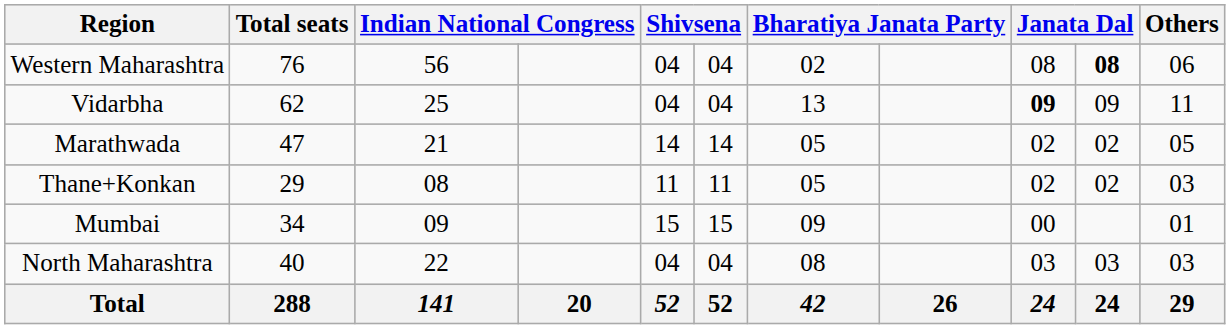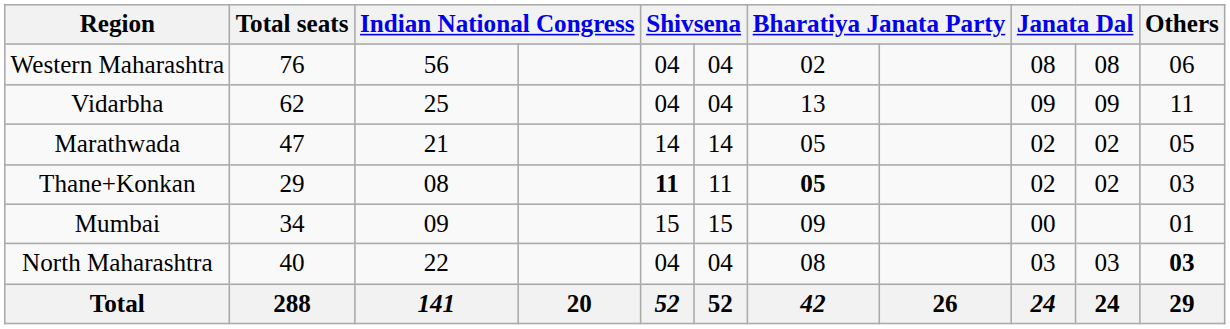 <table class="wikitable sortable" style="text-align:center;">
 <tr>
 <th>Region</th>
 <th>Total seats</th>
 <th colspan="2"><a href='#'>Indian National Congress</a></th>
 <th colspan="2"><a href='#'>Shivsena</a></th>
 <th colspan="2"><a href='#'>Bharatiya Janata Party</a></th>
 <th colspan="2"><a href='#'>Janata Dal</a></th>
 <th>Others</th>
 </tr>
 <tr>
 <td>Western Maharashtra</td>
 <td>76</td>
 <td>56</td>
 <td></td>
 <td>04</td>
 <td> 04</td>
 <td>02</td>
 <td></td>
 <td>08</td>
-<td><strong> 08</strong></td>
+<td> 08</td>
 <td>06</td>
 </tr>
 <tr>
 <td>Vidarbha</td>
 <td>62</td>
 <td>25</td>
 <td></td>
 <td>04</td>
 <td> 04</td>
 <td>13</td>
 <td></td>
-<td><strong>09</strong></td>
+<td>09</td>
 <td> 09</td>
 <td>11</td>
 </tr>
 <tr>
 <td>Marathwada</td>
 <td>47</td>
 <td>21</td>
 <td></td>
 <td>14</td>
 <td> 14</td>
 <td>05</td>
 <td></td>
 <td>02</td>
 <td> 02</td>
 <td>05</td>
 </tr>
 <tr>
 <td>Thane+Konkan</td>
 <td>29</td>
 <td>08</td>
 <td></td>
-<td>11</td>
+<td><strong>11</strong></td>
 <td> 11</td>
-<td>05</td>
+<td><strong>05</strong></td>
 <td></td>
 <td>02</td>
 <td> 02</td>
 <td>03</td>
 </tr>
 <tr>
 <td>Mumbai</td>
 <td>34</td>
 <td>09</td>
 <td></td>
 <td>15</td>
 <td> 15</td>
 <td>09</td>
 <td></td>
 <td>00</td>
 <td></td>
 <td>01</td>
 </tr>
 <tr>
 <td>North Maharashtra</td>
 <td>40</td>
 <td>22</td>
 <td></td>
 <td>04</td>
 <td> 04</td>
 <td>08</td>
 <td></td>
 <td>03</td>
 <td> 03</td>
-<td>03</td>
+<td><strong>03</strong></td>
 </tr>
 <tr>
 <th>Total</th>
 <th>288</th>
 <th><em>141</em></th>
 <th> 20</th>
 <th><em>52</em></th>
 <th> 52</th>
 <th><em>42</em></th>
 <th> 26</th>
 <th><em>24</em></th>
 <th> 24</th>
 <th>29</th>
 </tr>
 </table>
